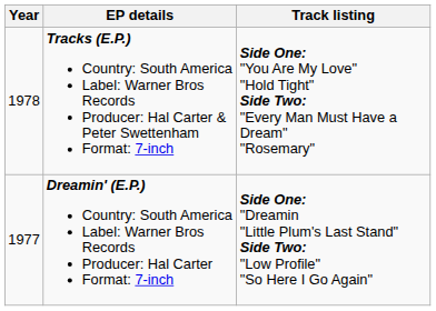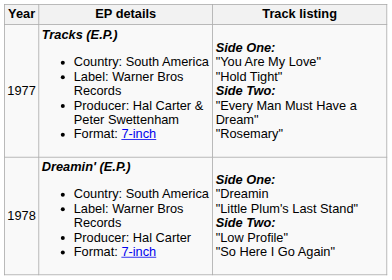 <table class="wikitable">
 <tr>
 <th rowspan="1">Year</th>
 <th rowspan="1" style="width:210px;">EP details</th>
 <th rowspan="1" style="width:210px;">Track listing</th>
 </tr>
 <tr>
-<td>1978</td>
+<td>1977</td>
 <td align="left"><strong><em>Tracks (E.P.)</em></strong><br><ul><li>Country: South America</li><li>Label: Warner Bros Records</li><li>Producer: Hal Carter & Peter Swettenham</li><li>Format: <a href='#'>7-inch</a></li></ul></td>
 <td><strong><em>Side One:</em></strong><br>"You Are My Love"<br>"Hold Tight"<br><strong><em>Side Two:</em></strong><br> "Every Man Must Have a Dream"<br> "Rosemary"</td>
 </tr>
 <tr>
-<td>1977</td>
+<td>1978</td>
 <td align="left"><strong><em>Dreamin' (E.P.)</em></strong><br><ul><li>Country: South America</li><li>Label: Warner Bros Records</li><li>Producer: Hal Carter</li><li>Format: <a href='#'>7-inch</a></li></ul></td>
 <td><strong><em>Side One:</em></strong><br>"Dreamin<br>"Little Plum's Last Stand"<br><strong><em>Side Two:</em></strong><br> "Low Profile"<br> "So Here I Go Again"</td>
 </tr>
 </table>
